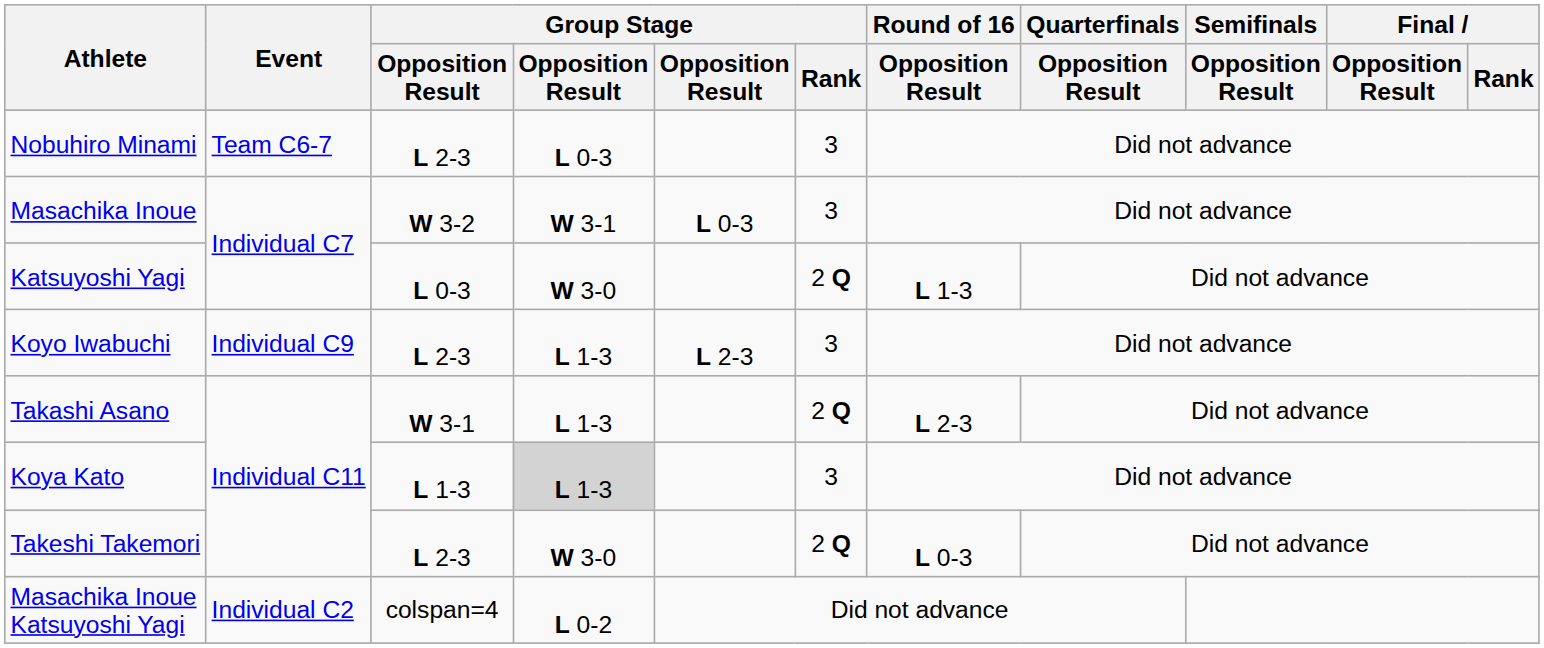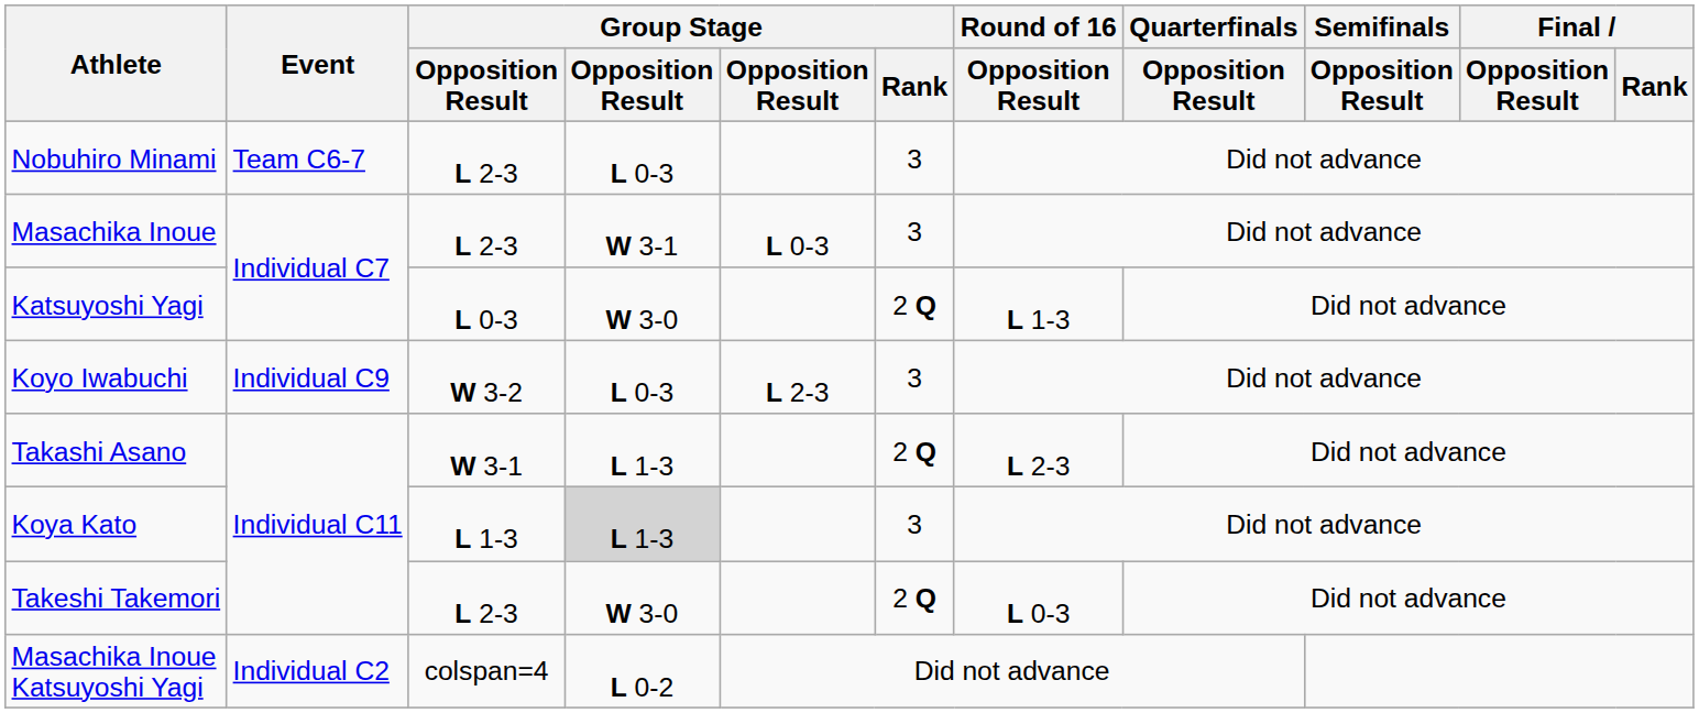 <table class=wikitable style="font-size:95%">
 <tr>
 <th rowspan="2">Athlete</th>
 <th rowspan="2">Event</th>
 <th colspan="4">Group Stage</th>
 <th>Round of 16</th>
 <th>Quarterfinals</th>
 <th>Semifinals</th>
 <th colspan="2">Final / </th>
 </tr>
 <tr>
 <th>Opposition<br>Result</th>
 <th>Opposition<br>Result</th>
 <th>Opposition<br>Result</th>
 <th>Rank</th>
 <th>Opposition<br>Result</th>
 <th>Opposition<br>Result</th>
 <th>Opposition<br>Result</th>
 <th>Opposition<br>Result</th>
 <th>Rank</th>
 </tr>
 <tr align=center>
 <td align=left><a href='#'>Nobuhiro Minami</a></td>
 <td align="left"><a href='#'>Team C6-7</a></td>
 <td><br><strong>L</strong> 2-3</td>
 <td><br><strong>L</strong> 0-3</td>
 <td></td>
 <td>3</td>
 <td colspan=5>Did not advance</td>
 </tr>
 <tr align=center>
 <td align=left><a href='#'>Masachika Inoue</a></td>
 <td align=left rowspan=2><a href='#'>Individual C7</a></td>
-<td><br><strong>W</strong> 3-2</td>
+<td><br><strong>L</strong> 2-3</td>
 <td><br><strong>W</strong> 3-1</td>
 <td><br><strong>L</strong> 0-3</td>
 <td>3</td>
 <td colspan=5>Did not advance</td>
 </tr>
 <tr align=center>
 <td align=left><a href='#'>Katsuyoshi Yagi</a></td>
 <td><br><strong>L</strong> 0-3</td>
 <td><br><strong>W</strong> 3-0</td>
 <td></td>
 <td>2 <strong>Q</strong></td>
 <td><br><strong>L</strong> 1-3</td>
 <td colspan=4>Did not advance</td>
 </tr>
 <tr align=center>
 <td align=left><a href='#'>Koyo Iwabuchi</a></td>
 <td align=left><a href='#'>Individual C9</a></td>
-<td><br><strong>L</strong> 2-3</td>
-<td><br><strong>L</strong> 1-3</td>
+<td><br><strong>W</strong> 3-2</td>
+<td><br><strong>L</strong> 0-3</td>
 <td><br><strong>L</strong> 2-3</td>
 <td>3</td>
 <td colspan=5>Did not advance</td>
 </tr>
 <tr align=center>
 <td align=left><a href='#'>Takashi Asano</a></td>
 <td rowspan="3" align="left"><a href='#'>Individual C11</a></td>
 <td><br><strong>W</strong> 3-1</td>
 <td><br><strong>L</strong> 1-3</td>
 <td></td>
 <td>2 <strong>Q</strong></td>
 <td><br><strong>L</strong> 2-3</td>
 <td colspan=4>Did not advance</td>
 </tr>
 <tr align=center>
 <td align=left><a href='#'>Koya Kato</a></td>
 <td><br><strong>L</strong> 1-3</td>
 <td style="background: lightgrey;"><br><strong>L</strong> 1-3</td>
 <td></td>
 <td>3</td>
 <td colspan=5>Did not advance</td>
 </tr>
 <tr align=center>
 <td align=left><a href='#'>Takeshi Takemori</a></td>
 <td><br><strong>L</strong> 2-3</td>
 <td><br><strong>W</strong> 3-0</td>
 <td></td>
 <td>2 <strong>Q</strong></td>
 <td><br><strong>L</strong> 0-3</td>
 <td colspan=4>Did not advance</td>
 </tr>
 <tr align=center>
 <td align=left><a href='#'>Masachika Inoue</a><br><a href='#'>Katsuyoshi Yagi</a></td>
 <td align=left><a href='#'>Individual C2</a></td>
 <td>colspan=4 </td>
 <td><br><strong>L</strong> 0-2</td>
 <td colspan=4>Did not advance</td>
 </tr>
 </table>
